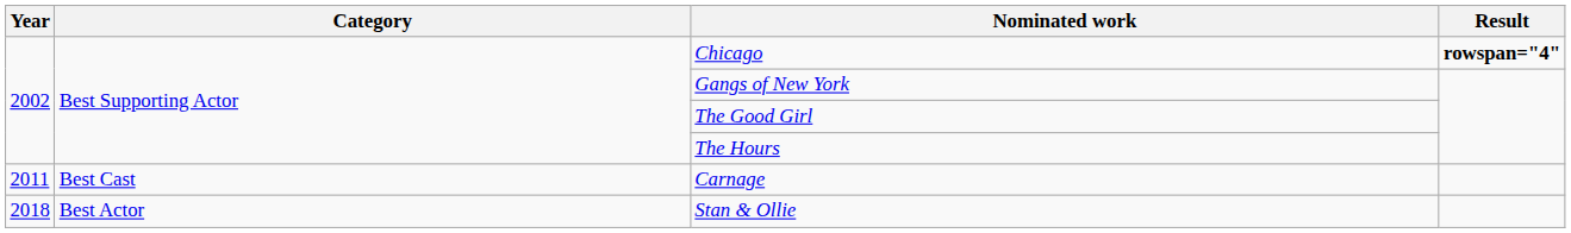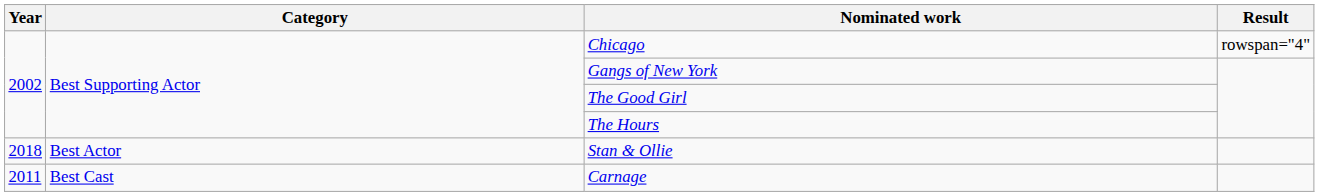 <table class="wikitable sortable">
 <tr>
 <th scope="col" style="width:1em;">Year</th>
 <th scope="col" style="width:33em;">Category</th>
 <th scope="col" style="width:39em;">Nominated work</th>
 <th scope="col" style="width:5em;">Result</th>
 </tr>
 <tr>
 <td rowspan="4"><a href='#'>2002</a></td>
 <td rowspan="4"><a href='#'>Best Supporting Actor</a></td>
 <td><em><a href='#'>Chicago</a></em></td>
-<td><strong>rowspan="4" </strong></td>
+<td>rowspan="4" </td>
 </tr>
 <tr>
 <td><em><a href='#'>Gangs of New York</a></em></td>
 </tr>
 <tr>
 <td><em><a href='#'>The Good Girl</a></em></td>
 </tr>
 <tr>
 <td><em><a href='#'>The Hours</a></em></td>
 </tr>
 <tr>
+<td><a href='#'>2018</a></td>
+<td><a href='#'>Best Actor</a></td>
+<td><em><a href='#'>Stan & Ollie</a></em></td>
+<td></td>
+</tr>
+<tr>
 <td><a href='#'>2011</a></td>
 <td><a href='#'>Best Cast</a></td>
 <td><em><a href='#'>Carnage</a></em></td>
 <td></td>
 </tr>
-<tr>
-<td><a href='#'>2018</a></td>
-<td><a href='#'>Best Actor</a></td>
-<td><em><a href='#'>Stan & Ollie</a></em></td>
-<td></td>
-</tr>
 </table>
